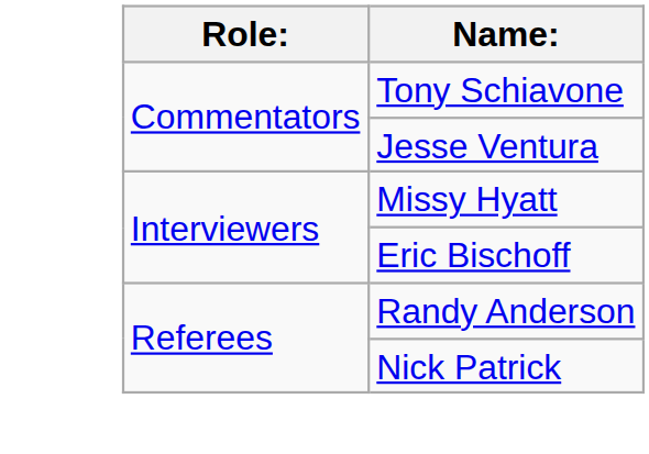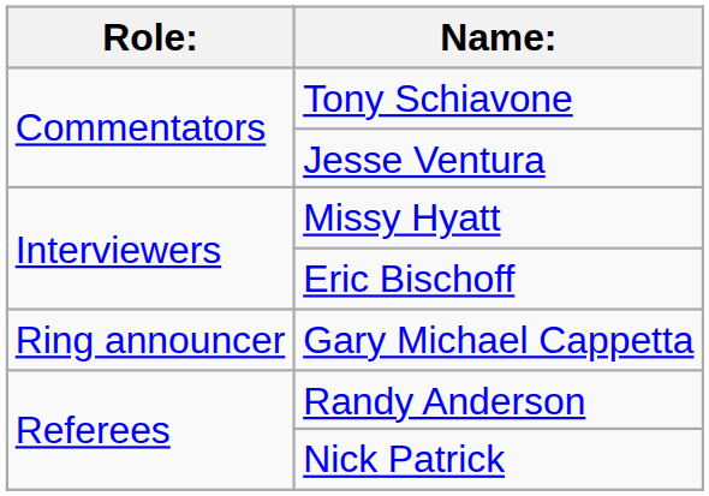 <table class=wikitable style="font-size:90%; margin: 0.5em 0 0.5em 1em; float: right; clear: right;">
 <tr>
 <th>Role:</th>
 <th>Name:</th>
 </tr>
 <tr>
 <td rowspan=2><a href='#'>Commentators</a></td>
 <td><a href='#'>Tony Schiavone</a></td>
 </tr>
 <tr>
 <td><a href='#'>Jesse Ventura</a></td>
 </tr>
 <tr>
 <td rowspan=2><a href='#'>Interviewers</a></td>
 <td><a href='#'>Missy Hyatt</a></td>
 </tr>
 <tr>
 <td><a href='#'>Eric Bischoff</a></td>
 </tr>
 <tr>
+<td><a href='#'>Ring announcer</a></td>
+<td><a href='#'>Gary Michael Cappetta</a></td>
+</tr>
+<tr>
 <td rowspan=2><a href='#'>Referees</a></td>
 <td><a href='#'>Randy Anderson</a></td>
 </tr>
 <tr>
 <td><a href='#'>Nick Patrick</a></td>
 </tr>
 </table>
